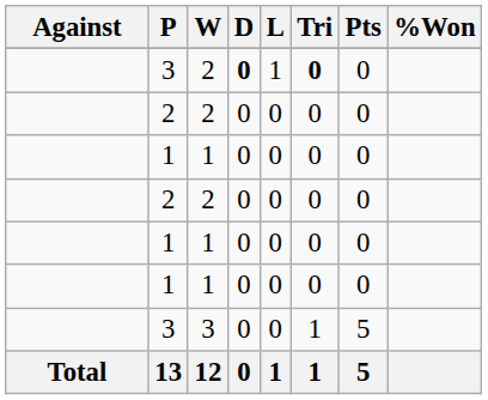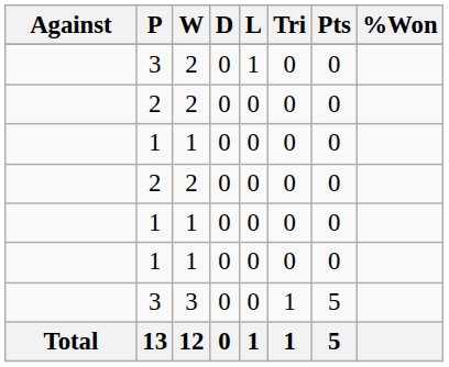 <table class="wikitable sortable"  style="text-align:center; font-size:100%;">
 <tr>
 <th style="width:30%;">Against</th>
 <th abbr="Played" style="width:15px;">P</th>
 <th abbr="Won" style="width:10px;">W</th>
 <th abbr="Drawn" style="width:10px;">D</th>
 <th abbr="Lost" style="width:10px;">L</th>
 <th abbr="Tries" style="width:15px;">Tri</th>
 <th abbr="Points" style="width:18px;">Pts</th>
 <th abbr="Won" style="width:18px;">%Won</th>
 </tr>
 <tr bgcolor="#d0ffd0" align="center">
 </tr>
 <tr>
 <td align="left"></td>
 <td>3</td>
 <td>2</td>
-<td><strong>0</strong></td>
+<td>0</td>
 <td>1</td>
-<td><strong>0</strong></td>
+<td>0</td>
 <td>0</td>
 <td></td>
 </tr>
 <tr>
 <td align="left"></td>
 <td>2</td>
 <td>2</td>
 <td>0</td>
 <td>0</td>
 <td>0</td>
 <td>0</td>
 <td></td>
 </tr>
 <tr>
 <td align="left"></td>
 <td>1</td>
 <td>1</td>
 <td>0</td>
 <td>0</td>
 <td>0</td>
 <td>0</td>
 <td></td>
 </tr>
 <tr>
 <td align="left"></td>
 <td>2</td>
 <td>2</td>
 <td>0</td>
 <td>0</td>
 <td>0</td>
 <td>0</td>
 <td></td>
 </tr>
 <tr>
 <td align="left"></td>
 <td>1</td>
 <td>1</td>
 <td>0</td>
 <td>0</td>
 <td>0</td>
 <td>0</td>
 <td></td>
 </tr>
 <tr>
 <td align="left"></td>
 <td>1</td>
 <td>1</td>
 <td>0</td>
 <td>0</td>
 <td>0</td>
 <td>0</td>
 <td></td>
 </tr>
 <tr>
 <td align="left"></td>
 <td>3</td>
 <td>3</td>
 <td>0</td>
 <td>0</td>
 <td>1</td>
 <td>5</td>
 <td></td>
 </tr>
 <tr>
 <th>Total</th>
 <th>13</th>
 <th>12</th>
 <th>0</th>
 <th>1</th>
 <th>1</th>
 <th>5</th>
 <th></th>
 </tr>
 </table>
